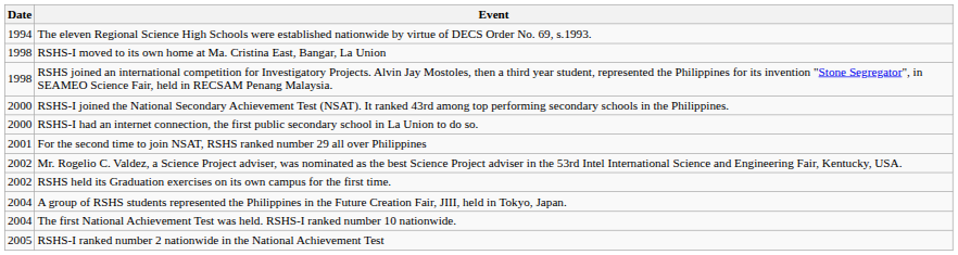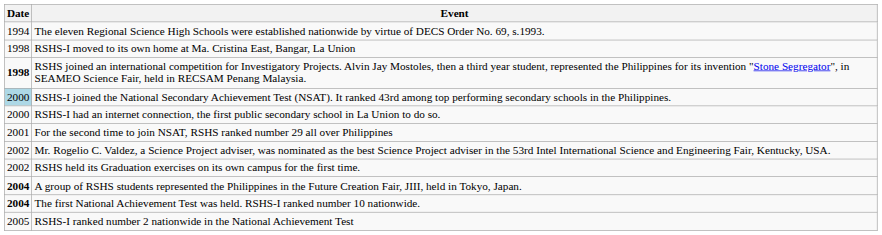 <table class="wikitable">
 <tr>
 <th>Date</th>
 <th>Event</th>
 </tr>
 <tr>
 <td>1994</td>
 <td>The eleven Regional Science High Schools were established nationwide by virtue of DECS Order No. 69, s.1993.</td>
 </tr>
 <tr>
 <td>1998</td>
 <td>RSHS-I moved to its own home at Ma. Cristina East, Bangar, La Union</td>
 </tr>
 <tr>
-<td>1998</td>
+<td><strong>1998</strong></td>
 <td>RSHS joined an international competition for Investigatory Projects. Alvin Jay Mostoles, then a third year student, represented the Philippines for its invention "<a href='#'>Stone Segregator</a>", in SEAMEO Science Fair, held in RECSAM Penang Malaysia.</td>
 </tr>
 <tr>
-<td>2000</td>
+<td style="background: lightblue;">2000</td>
 <td>RSHS-I joined the National Secondary Achievement Test (NSAT). It ranked 43rd among top performing secondary schools in the Philippines.</td>
 </tr>
 <tr>
 <td>2000</td>
 <td>RSHS-I had an internet connection, the first public secondary school in La Union to do so.</td>
 </tr>
 <tr>
 <td>2001</td>
 <td>For the second time to join NSAT, RSHS ranked number 29 all over Philippines</td>
 </tr>
 <tr>
 <td>2002</td>
 <td>Mr. Rogelio C. Valdez, a Science Project adviser, was nominated as the best Science Project adviser in the 53rd Intel International Science and Engineering Fair, Kentucky, USA.</td>
 </tr>
 <tr>
 <td>2002</td>
 <td>RSHS held its Graduation exercises on its own campus for the first time.</td>
 </tr>
 <tr>
-<td>2004</td>
+<td><strong>2004</strong></td>
 <td>A group of RSHS students represented the Philippines in the Future Creation Fair, JIII, held in Tokyo, Japan.</td>
 </tr>
 <tr>
-<td>2004</td>
+<td><strong>2004</strong></td>
 <td>The first National Achievement Test was held. RSHS-I ranked number 10 nationwide.</td>
 </tr>
 <tr>
 <td>2005</td>
 <td>RSHS-I ranked number 2 nationwide in the National Achievement Test</td>
 </tr>
 </table>
